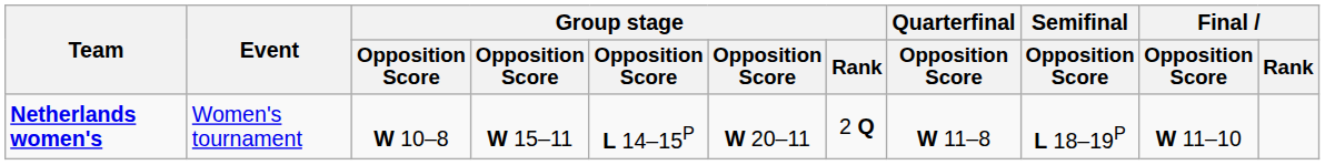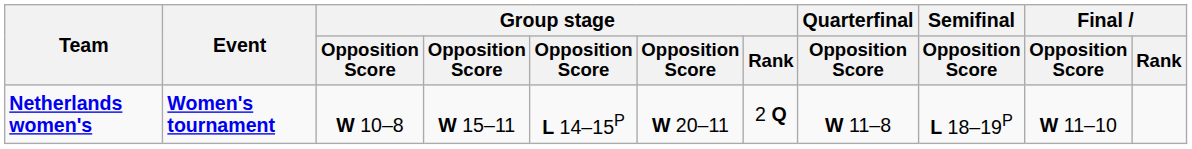 <table class=wikitable style=font-size:90%;text-align:center>
 <tr>
 <th rowspan=2>Team</th>
 <th rowspan=2>Event</th>
 <th colspan=5>Group stage</th>
 <th>Quarterfinal</th>
 <th>Semifinal</th>
 <th colspan=2>Final / </th>
 </tr>
 <tr style=font-size:95%>
 <th>Opposition<br>Score</th>
 <th>Opposition<br>Score</th>
 <th>Opposition<br>Score</th>
 <th>Opposition<br>Score</th>
 <th>Rank</th>
 <th>Opposition<br>Score</th>
 <th>Opposition<br>Score</th>
 <th>Opposition<br>Score</th>
 <th>Rank</th>
 </tr>
 <tr>
 <td align=left><strong><a href='#'>Netherlands women's</a></strong></td>
-<td align=left><a href='#'>Women's tournament</a></td>
+<td align=left><strong><a href='#'>Women's tournament</a></strong></td>
 <td><br><strong>W</strong> 10–8</td>
 <td><br><strong>W</strong> 15–11</td>
 <td><br><strong>L</strong> 14–15<sup>P</sup></td>
 <td><br><strong>W</strong> 20–11</td>
 <td>2 <strong>Q</strong></td>
 <td><br><strong>W</strong> 11–8</td>
 <td><br><strong>L</strong> 18–19<sup>P</sup></td>
 <td><br><strong>W</strong> 11–10</td>
 <td></td>
 </tr>
 </table>
